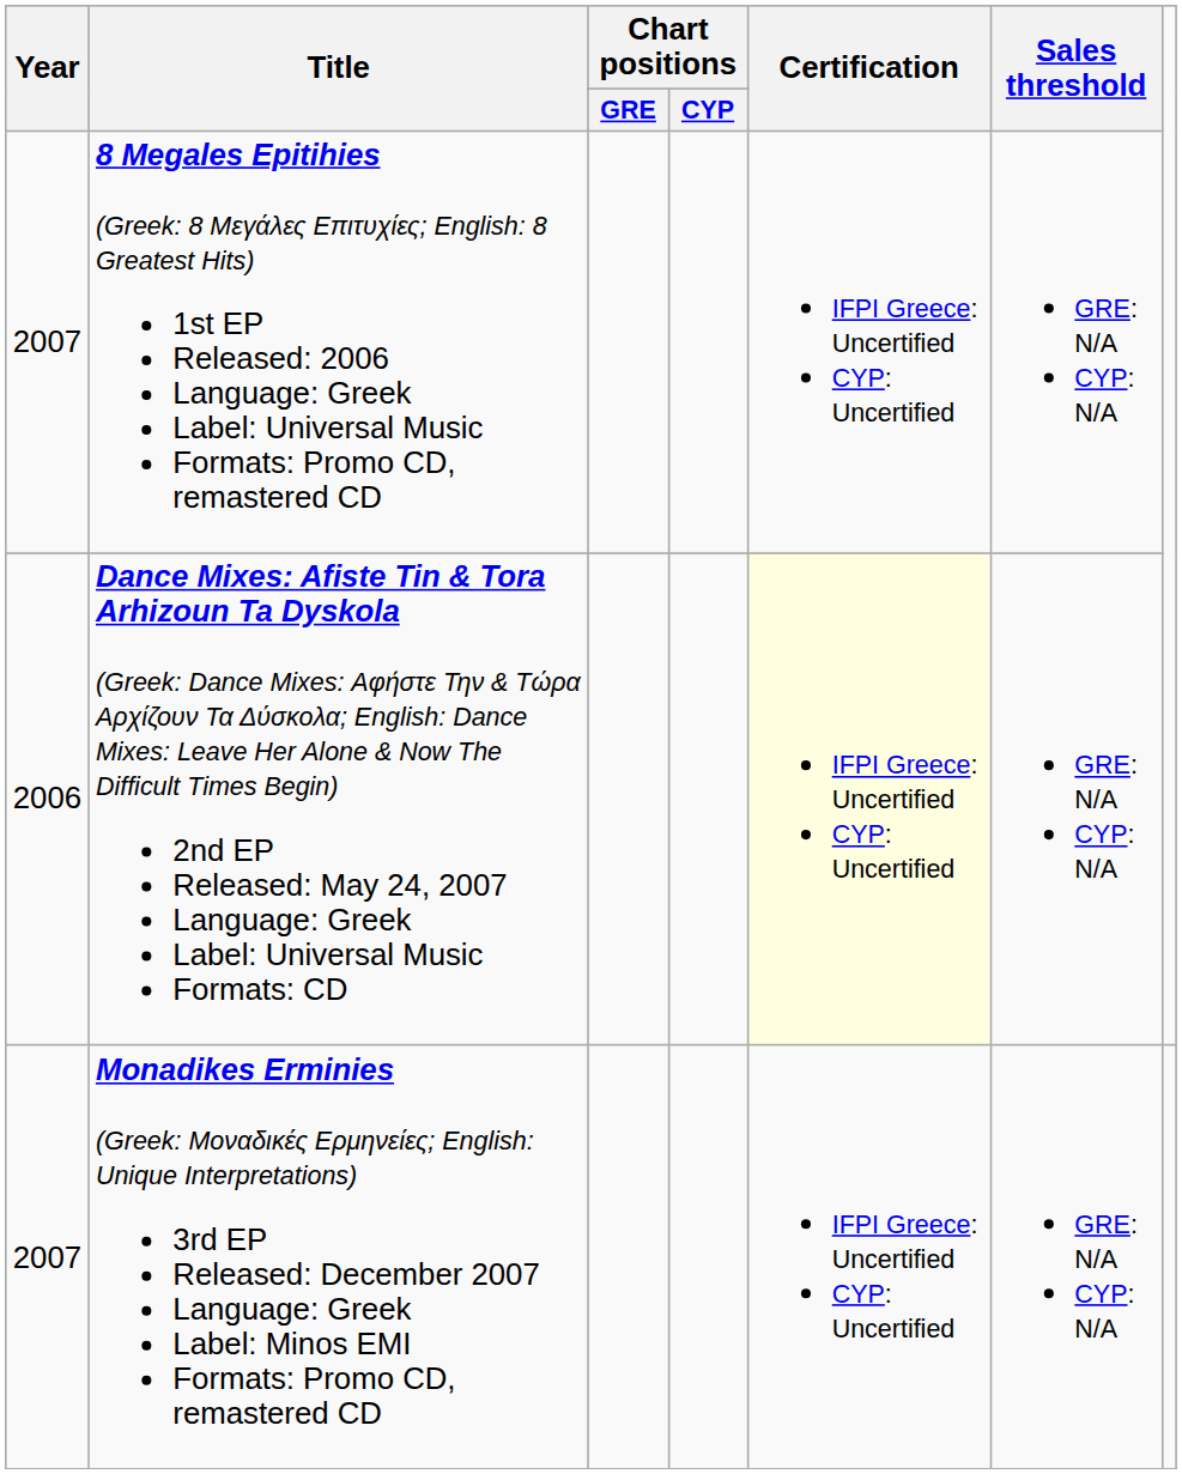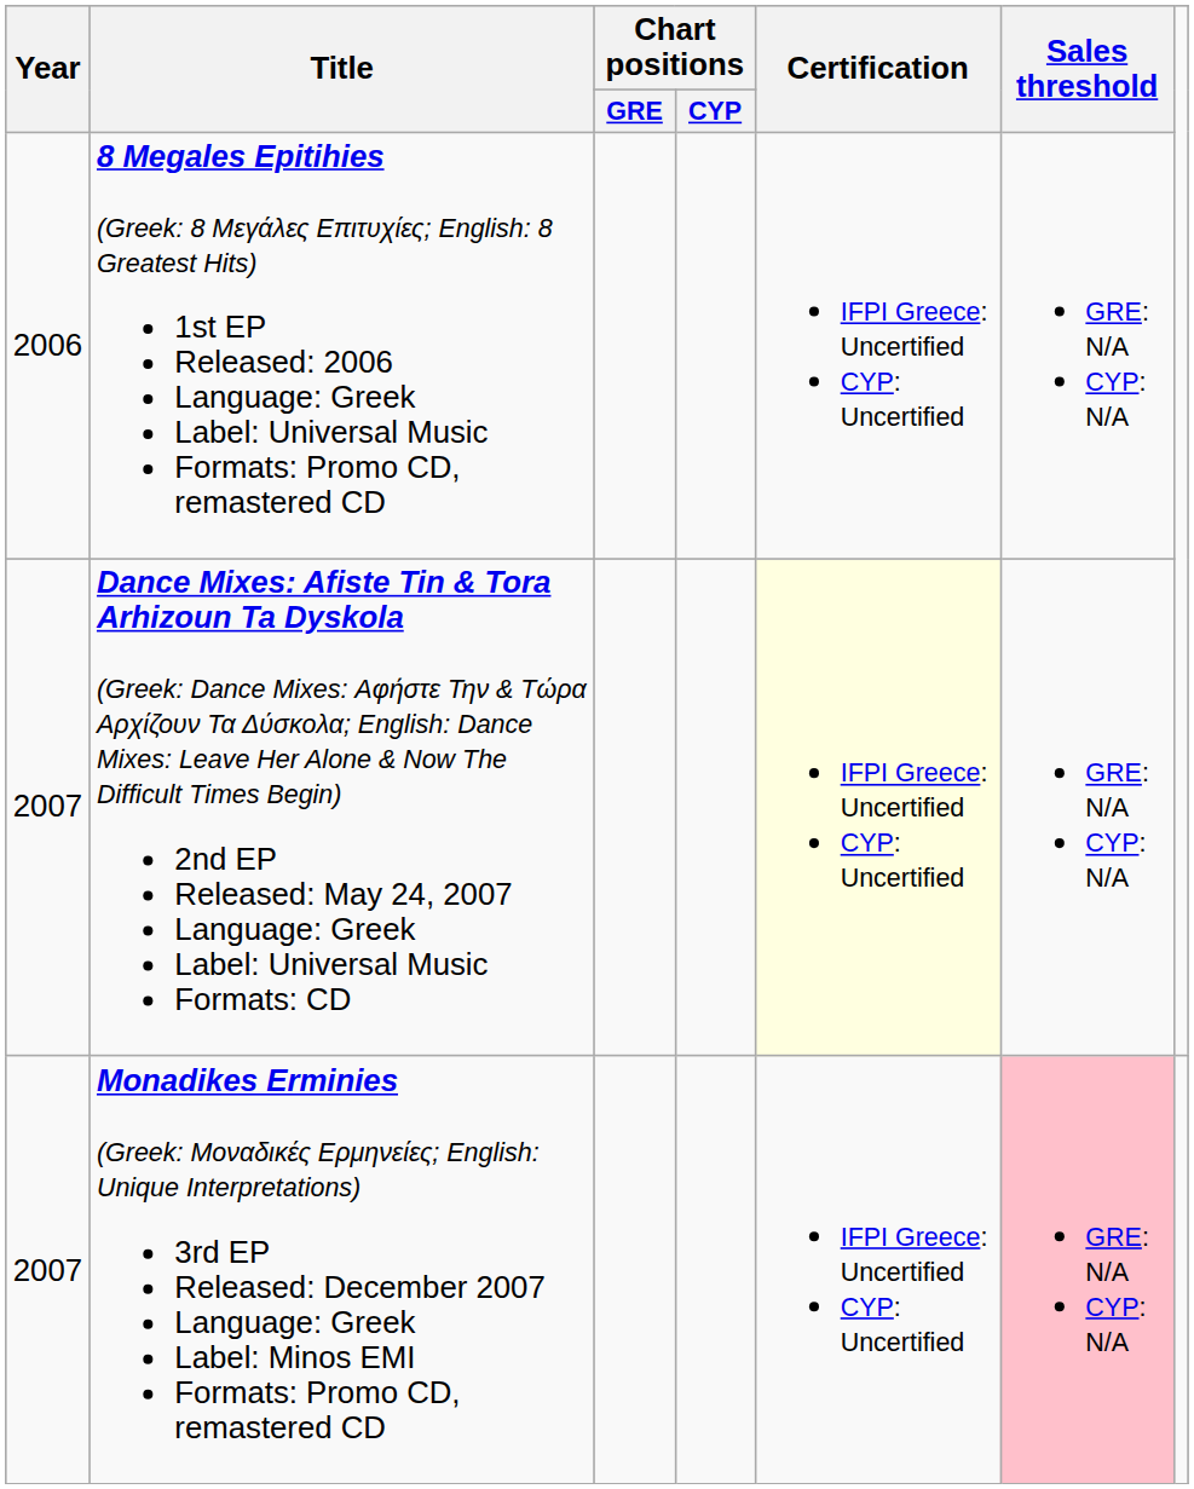 <table class="wikitable">
 <tr>
 <th rowspan="2">Year</th>
 <th rowspan="2">Title</th>
 <th colspan="2">Chart positions</th>
 <th rowspan="2">Certification</th>
 <th rowspan="2"><a href='#'>Sales threshold</a></th>
 </tr>
 <tr style="font-size:smaller;">
 <th width="35"><a href='#'>GRE</a></th>
 <th width="35"><a href='#'>CYP</a></th>
 </tr>
 <tr>
-<td style="text-align:center;">2007</td>
+<td style="text-align:center;">2006</td>
 <td><strong><em><a href='#'>8 Megales Epitihies</a></em></strong>  <br><br><em><small>(Greek: 8 Μεγάλες Επιτυχίες; English: 8 Greatest Hits)</small></em><ul><li>1st EP</li><li>Released: 2006</li><li>Language: Greek</li><li>Label: Universal Music</li><li>Formats: Promo CD, remastered CD</li></ul></td>
 <td style="text-align:center;"></td>
 <td style="text-align:center;"></td>
 <td align="left"><br><ul><li><small><a href='#'>IFPI Greece</a>: Uncertified</small></li><li><small><a href='#'>CYP</a>: Uncertified</small></li></ul></td>
 <td align="left"><br><ul><li><small><a href='#'>GRE</a>: N/A</small></li><li><small><a href='#'>CYP</a>: N/A</small></li></ul></td>
 </tr>
 <tr>
-<td style="text-align:center;">2006</td>
+<td style="text-align:center;">2007</td>
 <td><strong><em><a href='#'>Dance Mixes: Afiste Tin & Tora Arhizoun Ta Dyskola</a></em></strong>  <br><br><em><small>(Greek: Dance Mixes: Αφήστε Την & Τώρα Αρχίζουν Τα Δύσκολα; English: Dance Mixes: Leave Her Alone & Now The Difficult Times Begin)</small></em><ul><li>2nd EP</li><li>Released: May 24, 2007</li><li>Language: Greek</li><li>Label: Universal Music</li><li>Formats: CD</li></ul></td>
 <td style="text-align:center;"></td>
 <td style="text-align:center;"></td>
 <td align="left" style="background: lightyellow;"><br><ul><li><small><a href='#'>IFPI Greece</a>: Uncertified</small></li><li><small><a href='#'>CYP</a>: Uncertified</small></li></ul></td>
 <td align="left"><br><ul><li><small><a href='#'>GRE</a>: N/A</small></li><li><small><a href='#'>CYP</a>: N/A</small></li></ul></td>
 </tr>
 <tr>
 <td style="text-align:center;">2007</td>
 <td><strong><em><a href='#'>Monadikes Erminies</a></em></strong>  <br><br><em><small>(Greek: Μοναδικές Ερμηνείες; English: Unique Interpretations)</small></em><ul><li>3rd EP</li><li>Released: December 2007</li><li>Language: Greek</li><li>Label: Minos EMI</li><li>Formats: Promo CD, remastered CD</li></ul></td>
 <td style="text-align:center;"></td>
 <td style="text-align:center;"></td>
 <td align="left"><br><ul><li><small><a href='#'>IFPI Greece</a>: Uncertified</small></li><li><small><a href='#'>CYP</a>: Uncertified</small></li></ul></td>
-<td align="left"><br><ul><li><small><a href='#'>GRE</a>: N/A</small></li><li><small><a href='#'>CYP</a>: N/A</small></li></ul></td>
+<td align="left" style="background: pink;"><br><ul><li><small><a href='#'>GRE</a>: N/A</small></li><li><small><a href='#'>CYP</a>: N/A</small></li></ul></td>
 <td></td>
 </tr>
 </table>
